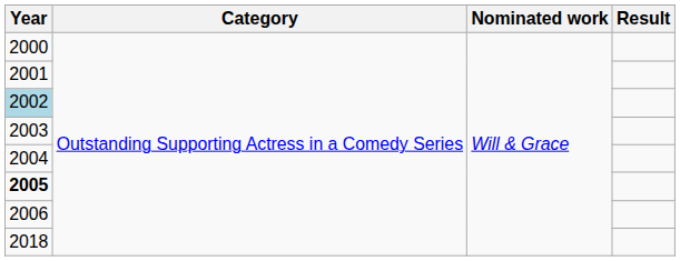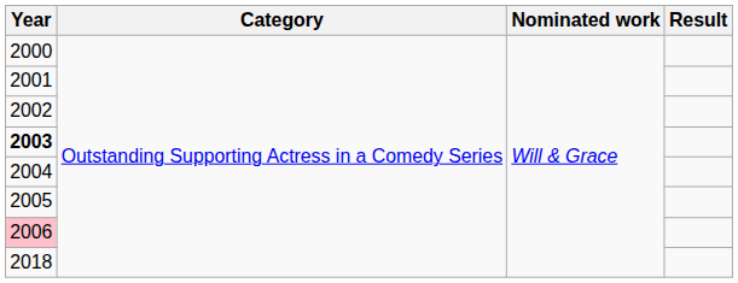 <table class="wikitable">
 <tr>
 <th>Year</th>
 <th>Category</th>
 <th>Nominated work</th>
 <th>Result</th>
 </tr>
 <tr>
 <td>2000</td>
 <td rowspan=8><a href='#'>Outstanding Supporting Actress in a Comedy Series</a></td>
 <td rowspan=8><em><a href='#'>Will & Grace</a></em></td>
 <td></td>
 </tr>
 <tr>
 <td>2001</td>
 <td></td>
 </tr>
 <tr>
-<td style="background: lightblue;">2002</td>
+<td>2002</td>
 <td></td>
 </tr>
 <tr>
-<td>2003</td>
+<td><strong>2003</strong></td>
 <td></td>
 </tr>
 <tr>
 <td>2004</td>
 <td></td>
 </tr>
 <tr>
-<td><strong>2005</strong></td>
+<td>2005</td>
 <td></td>
 </tr>
 <tr>
-<td>2006</td>
+<td style="background: pink;">2006</td>
 <td></td>
 </tr>
 <tr>
 <td>2018</td>
 <td></td>
 </tr>
 </table>
